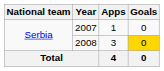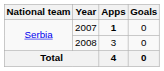 <table class="wikitable" style="text-align:center">
 <tr>
 <th>National team</th>
 <th>Year</th>
 <th>Apps</th>
 <th>Goals</th>
 </tr>
 <tr>
 <td rowspan="2" style="vertical-align:center"><a href='#'>Serbia</a></td>
 <td>2007</td>
-<td>1</td>
+<td><strong>1</strong></td>
 <td>0</td>
 </tr>
 <tr>
 <td>2008</td>
 <td>3</td>
-<td style="background: gold;">0</td>
+<td>0</td>
 </tr>
 <tr>
 <th colspan="2">Total</th>
 <th>4</th>
 <th>0</th>
 </tr>
 </table>
